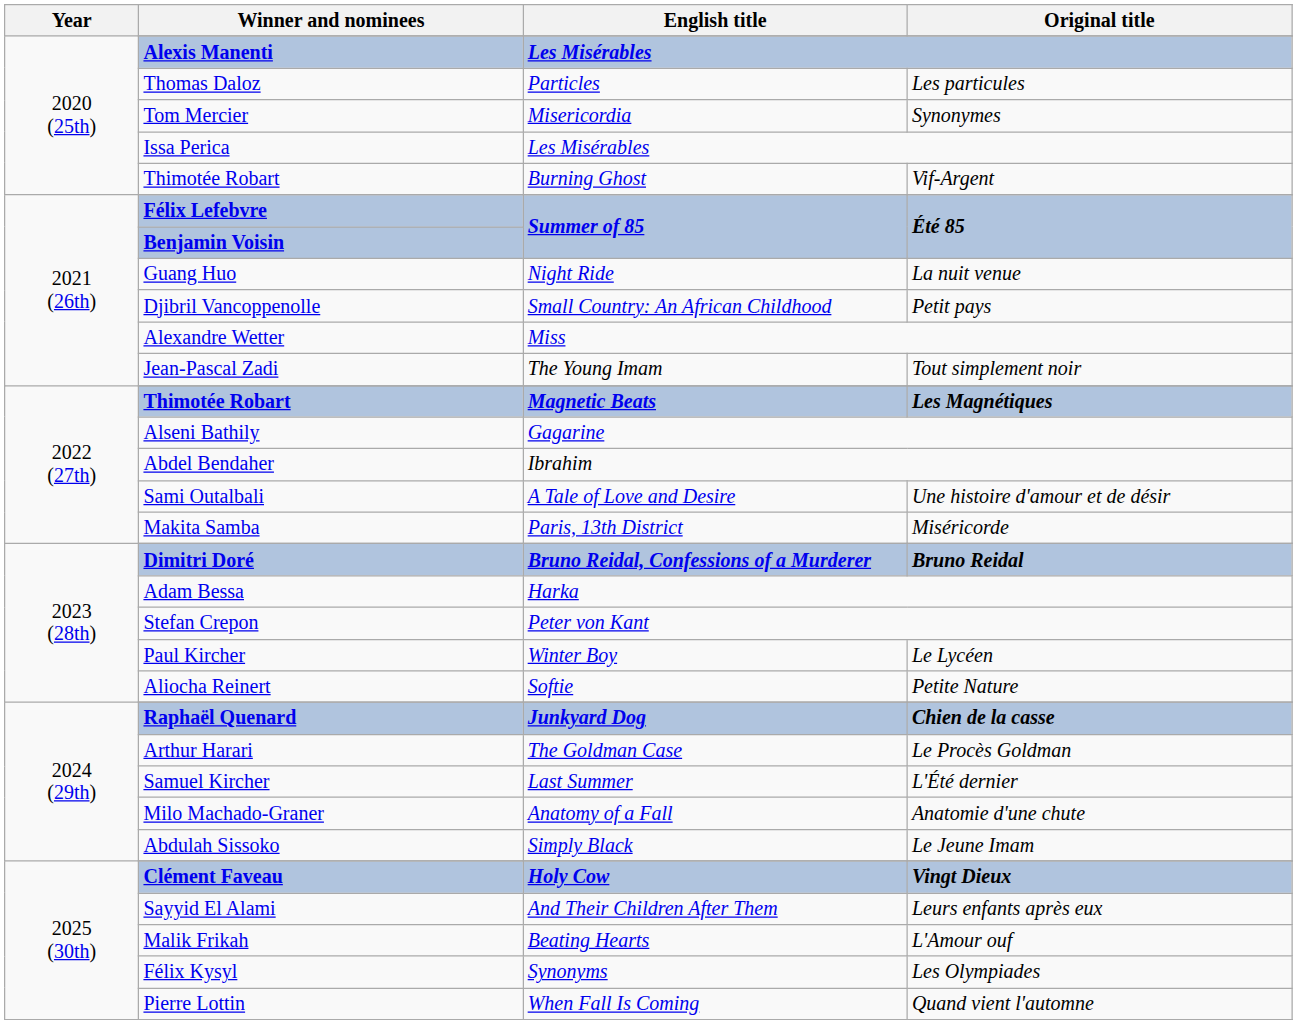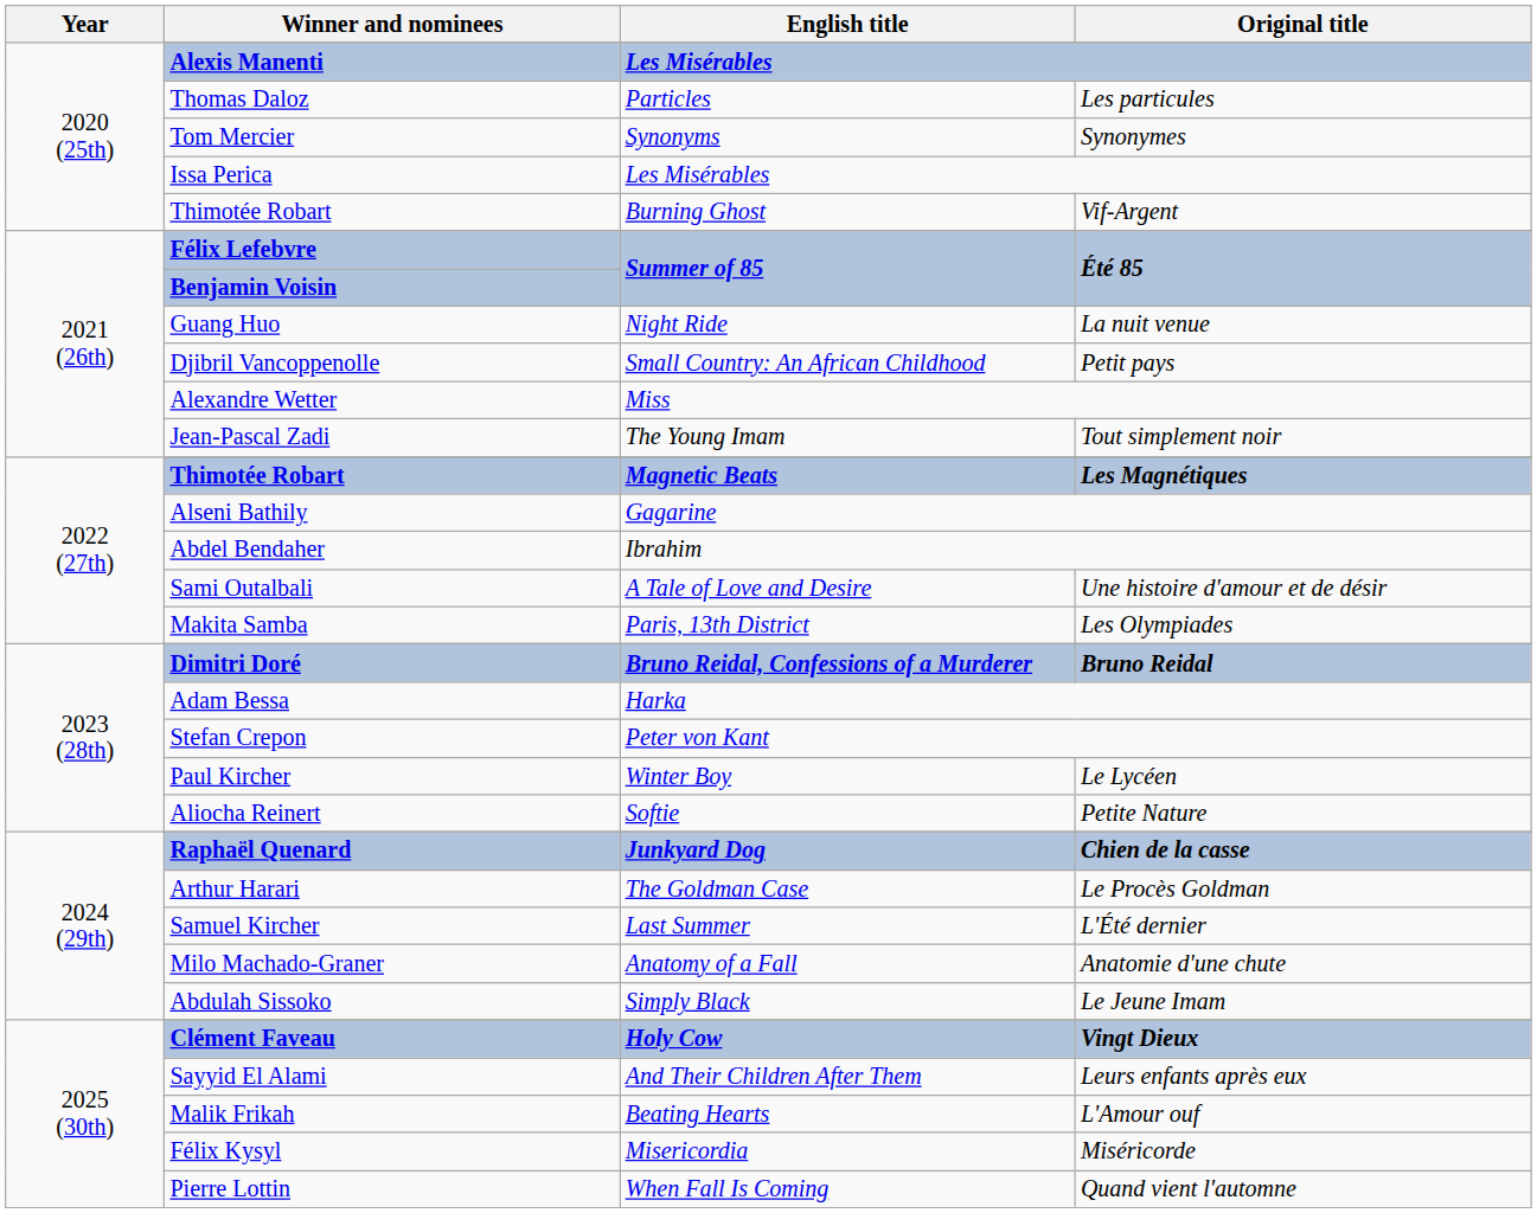 <table class="wikitable">
 <tr>
 <th width="100"><strong>Year</strong></th>
 <th width="300"><strong>Winner and nominees</strong></th>
 <th width="300"><strong>English title</strong></th>
 <th width="300"><strong>Original title</strong></th>
 </tr>
 <tr>
 <td rowspan="6" style="text-align:center;">2020<br>(<a href='#'>25th</a>)</td>
 </tr>
 <tr style="background:#B0C4DE;">
 <td><strong><a href='#'>Alexis Manenti</a></strong></td>
 <td colspan=2><strong><em><a href='#'>Les Misérables</a></em></strong></td>
 </tr>
 <tr>
 <td><a href='#'>Thomas Daloz</a></td>
 <td><em><a href='#'>Particles</a></em></td>
 <td><em>Les particules</em></td>
 </tr>
 <tr>
 <td><a href='#'>Tom Mercier</a></td>
-<td><em><a href='#'>Misericordia</a></em></td>
+<td><em><a href='#'>Synonyms</a></em></td>
 <td><em>Synonymes</em></td>
 </tr>
 <tr>
 <td><a href='#'>Issa Perica</a></td>
 <td colspan=2><em><a href='#'>Les Misérables</a></em></td>
 </tr>
 <tr>
 <td><a href='#'>Thimotée Robart</a></td>
 <td><em><a href='#'>Burning Ghost</a></em></td>
 <td><em>Vif-Argent</em></td>
 </tr>
 <tr>
 <td rowspan="7" style="text-align:center;">2021<br>(<a href='#'>26th</a>)</td>
 </tr>
 <tr style="background:#B0C4DE;">
 <td><strong><a href='#'>Félix Lefebvre</a></strong></td>
 <td rowspan=2><strong><em><a href='#'>Summer of 85</a></em></strong></td>
 <td rowspan=2><strong><em>Été 85</em></strong></td>
 </tr>
 <tr style="background:#B0C4DE;">
 <td><strong><a href='#'>Benjamin Voisin</a></strong></td>
 </tr>
 <tr>
 <td><a href='#'>Guang Huo</a></td>
 <td><em><a href='#'>Night Ride</a></em></td>
 <td><em>La nuit venue</em></td>
 </tr>
 <tr>
 <td><a href='#'>Djibril Vancoppenolle</a></td>
 <td><em><a href='#'>Small Country: An African Childhood</a></em></td>
 <td><em>Petit pays</em></td>
 </tr>
 <tr>
 <td><a href='#'>Alexandre Wetter</a></td>
 <td colspan=2><em><a href='#'>Miss</a></em></td>
 </tr>
 <tr>
 <td><a href='#'>Jean-Pascal Zadi</a></td>
 <td><em>The Young Imam</em></td>
 <td><em>Tout simplement noir</em></td>
 </tr>
 <tr>
 <td rowspan="6" style="text-align:center;">2022<br>(<a href='#'>27th</a>)</td>
 </tr>
 <tr style="background:#B0C4DE;">
 <td><strong><a href='#'>Thimotée Robart</a></strong></td>
 <td><strong><em><a href='#'>Magnetic Beats</a></em></strong></td>
 <td><strong><em>Les Magnétiques</em></strong></td>
 </tr>
 <tr>
 <td><a href='#'>Alseni Bathily</a></td>
 <td colspan=2><em><a href='#'>Gagarine</a></em></td>
 </tr>
 <tr>
 <td><a href='#'>Abdel Bendaher</a></td>
 <td colspan=2><em>Ibrahim</em></td>
 </tr>
 <tr>
 <td><a href='#'>Sami Outalbali</a></td>
 <td><em><a href='#'>A Tale of Love and Desire</a></em></td>
 <td><em>Une histoire d'amour et de désir</em></td>
 </tr>
 <tr>
 <td><a href='#'>Makita Samba</a></td>
 <td><em><a href='#'>Paris, 13th District</a></em></td>
-<td><em>Miséricorde</em></td>
+<td><em>Les Olympiades</em></td>
 </tr>
 <tr>
 <td rowspan="6" style="text-align:center;">2023<br>(<a href='#'>28th</a>)</td>
 </tr>
 <tr style="background:#B0C4DE;">
 <td><strong><a href='#'>Dimitri Doré</a></strong></td>
 <td><strong><em><a href='#'>Bruno Reidal, Confessions of a Murderer</a></em></strong></td>
 <td><strong><em>Bruno Reidal</em></strong></td>
 </tr>
 <tr>
 <td><a href='#'>Adam Bessa</a></td>
 <td colspan=2><em><a href='#'>Harka</a></em></td>
 </tr>
 <tr>
 <td><a href='#'>Stefan Crepon</a></td>
 <td colspan=2><em><a href='#'>Peter von Kant</a></em></td>
 </tr>
 <tr>
 <td><a href='#'>Paul Kircher</a></td>
 <td><em><a href='#'>Winter Boy</a></em></td>
 <td><em>Le Lycéen</em></td>
 </tr>
 <tr>
 <td><a href='#'>Aliocha Reinert</a></td>
 <td><em><a href='#'>Softie</a></em></td>
 <td><em>Petite Nature</em></td>
 </tr>
 <tr>
 <td rowspan="6" style="text-align:center;">2024<br>(<a href='#'>29th</a>)</td>
 </tr>
 <tr style="background:#B0C4DE;">
 <td><strong><a href='#'>Raphaël Quenard</a></strong></td>
 <td><strong><em><a href='#'>Junkyard Dog</a></em></strong></td>
 <td><strong><em>Chien de la casse</em></strong></td>
 </tr>
 <tr>
 <td><a href='#'>Arthur Harari</a></td>
 <td><em><a href='#'>The Goldman Case</a></em></td>
 <td><em>Le Procès Goldman</em></td>
 </tr>
 <tr>
 <td><a href='#'>Samuel Kircher</a></td>
 <td><em><a href='#'>Last Summer</a></em></td>
 <td><em>L'Été dernier</em></td>
 </tr>
 <tr>
 <td><a href='#'>Milo Machado-Graner</a></td>
 <td><em><a href='#'>Anatomy of a Fall</a></em></td>
 <td><em>Anatomie d'une chute</em></td>
 </tr>
 <tr>
 <td><a href='#'>Abdulah Sissoko</a></td>
 <td><em><a href='#'>Simply Black</a></em></td>
 <td><em>Le Jeune Imam</em></td>
 </tr>
 <tr>
 <td rowspan="6" style="text-align:center;">2025<br>(<a href='#'>30th</a>)</td>
 </tr>
 <tr style="background:#B0C4DE;">
 <td><strong><a href='#'>Clément Faveau</a></strong></td>
 <td><strong><em><a href='#'>Holy Cow</a></em></strong></td>
 <td><strong><em>Vingt Dieux</em></strong></td>
 </tr>
 <tr>
 <td><a href='#'>Sayyid El Alami</a></td>
 <td><em><a href='#'>And Their Children After Them</a></em></td>
 <td><em>Leurs enfants après eux</em></td>
 </tr>
 <tr>
 <td><a href='#'>Malik Frikah</a></td>
 <td><em><a href='#'>Beating Hearts</a></em></td>
 <td><em>L'Amour ouf</em></td>
 </tr>
 <tr>
 <td><a href='#'>Félix Kysyl</a></td>
-<td><em><a href='#'>Synonyms</a></em></td>
-<td><em>Les Olympiades</em></td>
+<td><em><a href='#'>Misericordia</a></em></td>
+<td><em>Miséricorde</em></td>
 </tr>
 <tr>
 <td><a href='#'>Pierre Lottin</a></td>
 <td><em><a href='#'>When Fall Is Coming</a></em></td>
 <td><em>Quand vient l'automne</em></td>
 </tr>
 <tr>
 </tr>
 </table>
